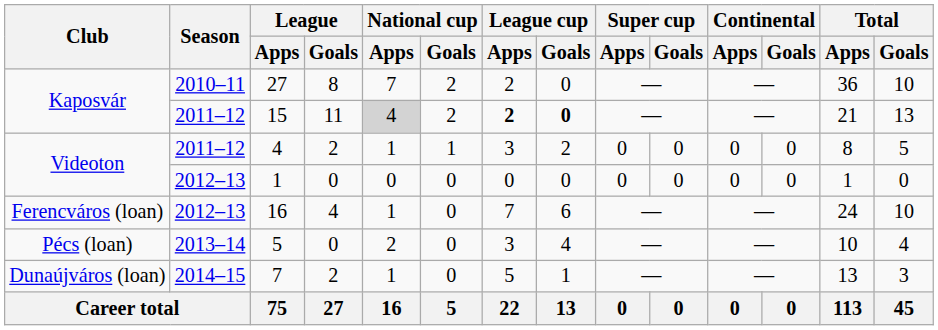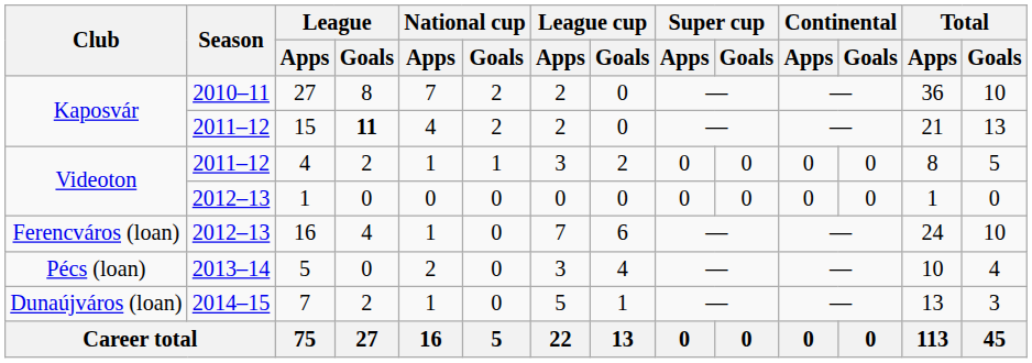 <table class="wikitable" style="text-align:center">
 <tr>
 <th rowspan="2">Club</th>
 <th rowspan="2">Season</th>
 <th colspan="2">League</th>
 <th colspan="2">National cup</th>
 <th colspan="2">League cup</th>
 <th colspan="2">Super cup</th>
 <th colspan="2">Continental</th>
 <th colspan="2">Total</th>
 </tr>
 <tr>
 <th>Apps</th>
 <th>Goals</th>
 <th>Apps</th>
 <th>Goals</th>
 <th>Apps</th>
 <th>Goals</th>
 <th>Apps</th>
 <th>Goals</th>
 <th>Apps</th>
 <th>Goals</th>
 <th>Apps</th>
 <th>Goals</th>
 </tr>
 <tr>
 <td rowspan="2"><a href='#'>Kaposvár</a></td>
 <td><a href='#'>2010–11</a></td>
 <td>27</td>
 <td>8</td>
 <td>7</td>
 <td>2</td>
 <td>2</td>
 <td>0</td>
 <td colspan="2">—</td>
 <td colspan="2">—</td>
 <td>36</td>
 <td>10</td>
 </tr>
 <tr>
 <td><a href='#'>2011–12</a></td>
 <td>15</td>
-<td>11</td>
-<td style="background: lightgrey;">4</td>
+<td><strong>11</strong></td>
+<td>4</td>
 <td>2</td>
-<td><strong>2</strong></td>
-<td><strong>0</strong></td>
+<td>2</td>
+<td>0</td>
 <td colspan="2">—</td>
 <td colspan="2">—</td>
 <td>21</td>
 <td>13</td>
 </tr>
 <tr>
 <td rowspan="2"><a href='#'>Videoton</a></td>
 <td><a href='#'>2011–12</a></td>
 <td>4</td>
 <td>2</td>
 <td>1</td>
 <td>1</td>
 <td>3</td>
 <td>2</td>
 <td>0</td>
 <td>0</td>
 <td>0</td>
 <td>0</td>
 <td>8</td>
 <td>5</td>
 </tr>
 <tr>
 <td><a href='#'>2012–13</a></td>
 <td>1</td>
 <td>0</td>
 <td>0</td>
 <td>0</td>
 <td>0</td>
 <td>0</td>
 <td>0</td>
 <td>0</td>
 <td>0</td>
 <td>0</td>
 <td>1</td>
 <td>0</td>
 </tr>
 <tr>
 <td rowspan="1"><a href='#'>Ferencváros</a> (loan)</td>
 <td><a href='#'>2012–13</a></td>
 <td>16</td>
 <td>4</td>
 <td>1</td>
 <td>0</td>
 <td>7</td>
 <td>6</td>
 <td colspan="2">—</td>
 <td colspan="2">—</td>
 <td>24</td>
 <td>10</td>
 </tr>
 <tr>
 <td rowspan="1"><a href='#'>Pécs</a> (loan)</td>
 <td><a href='#'>2013–14</a></td>
 <td>5</td>
 <td>0</td>
 <td>2</td>
 <td>0</td>
 <td>3</td>
 <td>4</td>
 <td colspan="2">—</td>
 <td colspan="2">—</td>
 <td>10</td>
 <td>4</td>
 </tr>
 <tr>
 <td rowspan="1"><a href='#'>Dunaújváros</a> (loan)</td>
 <td><a href='#'>2014–15</a></td>
 <td>7</td>
 <td>2</td>
 <td>1</td>
 <td>0</td>
 <td>5</td>
 <td>1</td>
 <td colspan="2">—</td>
 <td colspan="2">—</td>
 <td>13</td>
 <td>3</td>
 </tr>
 <tr>
 <th colspan="2">Career total</th>
 <th>75</th>
 <th>27</th>
 <th>16</th>
 <th>5</th>
 <th>22</th>
 <th>13</th>
 <th>0</th>
 <th>0</th>
 <th>0</th>
 <th>0</th>
 <th>113</th>
 <th>45</th>
 </tr>
 </table>
